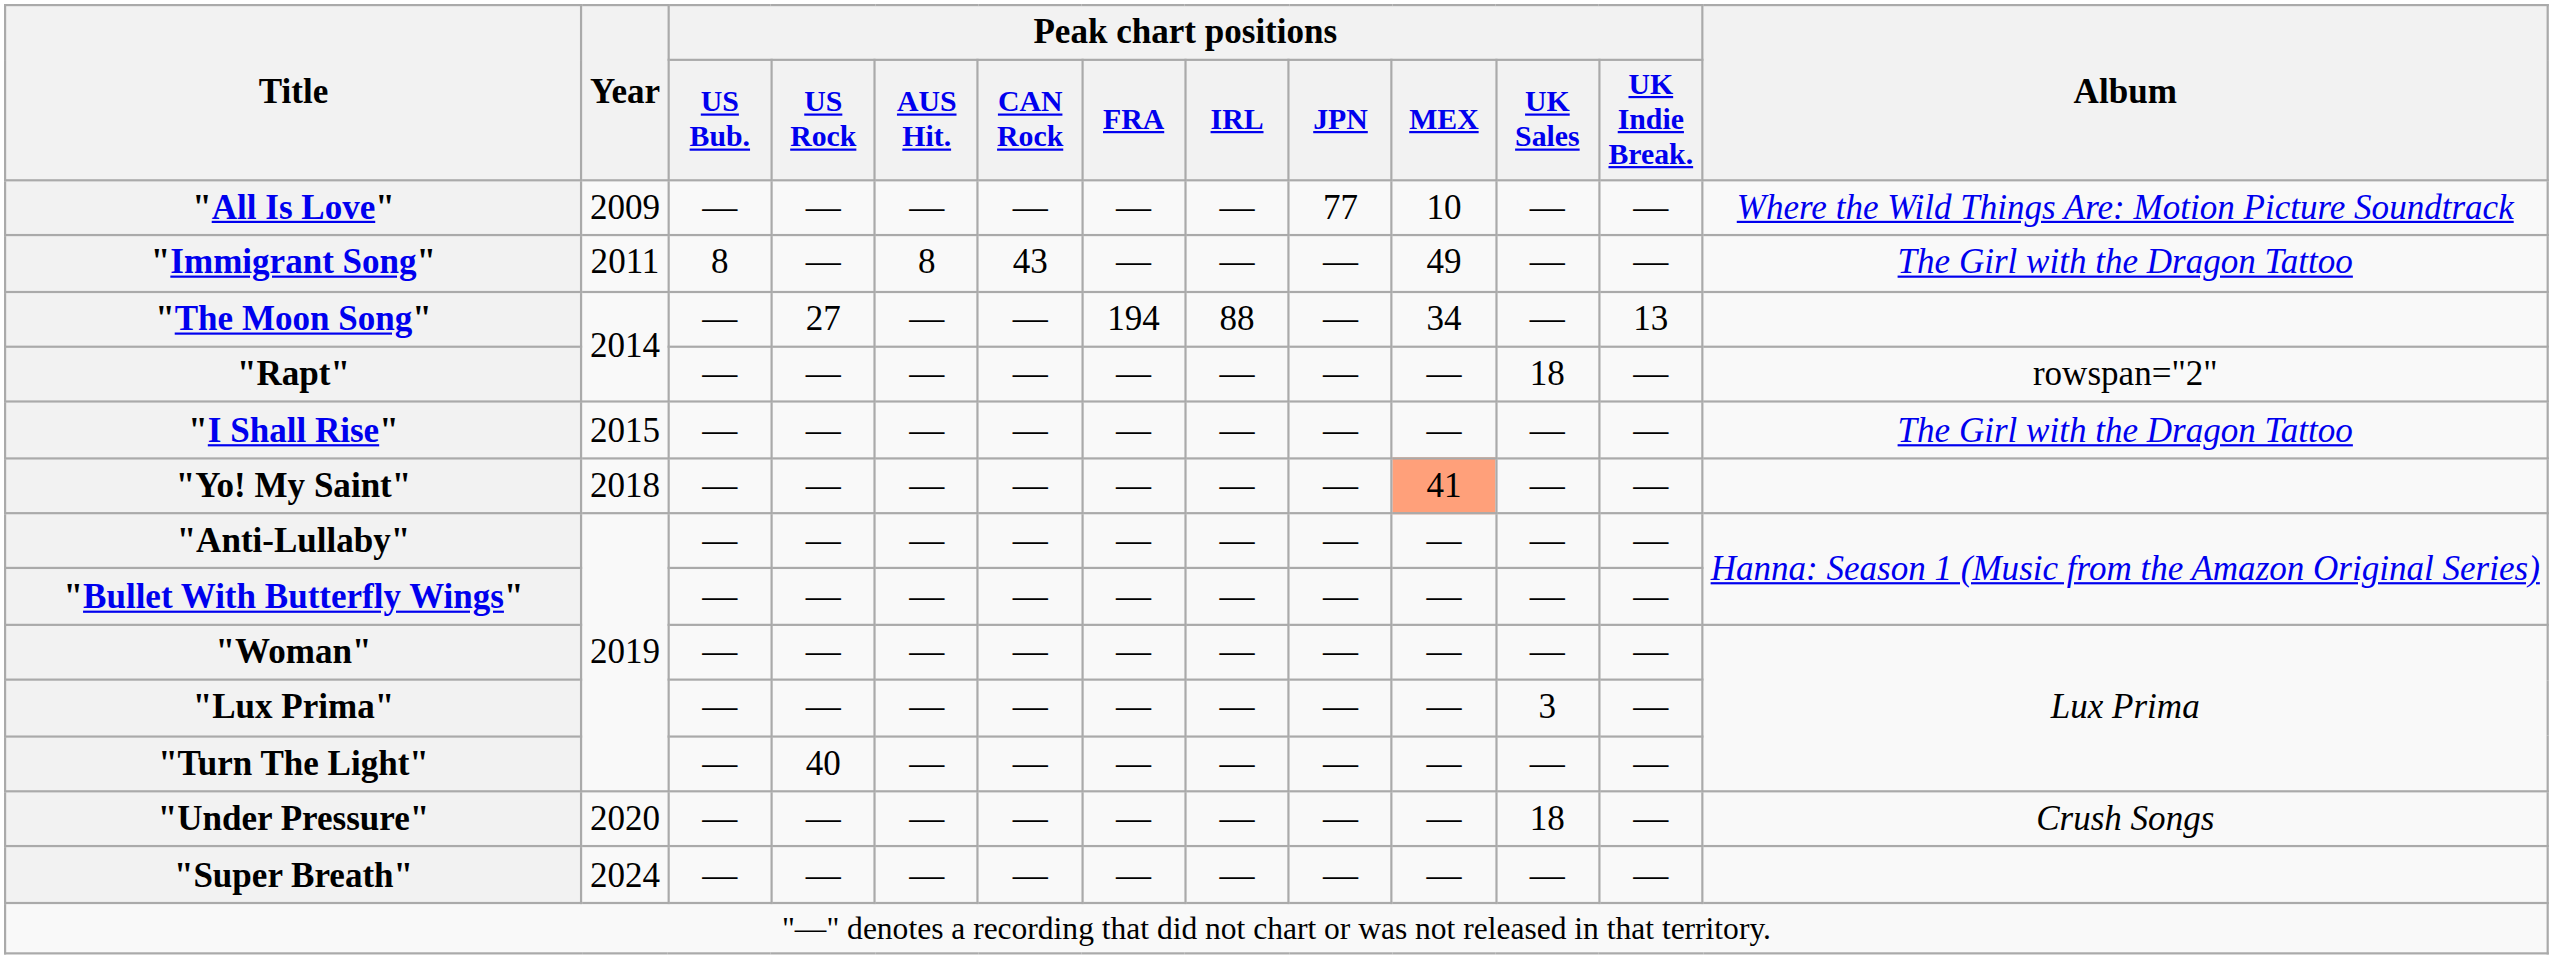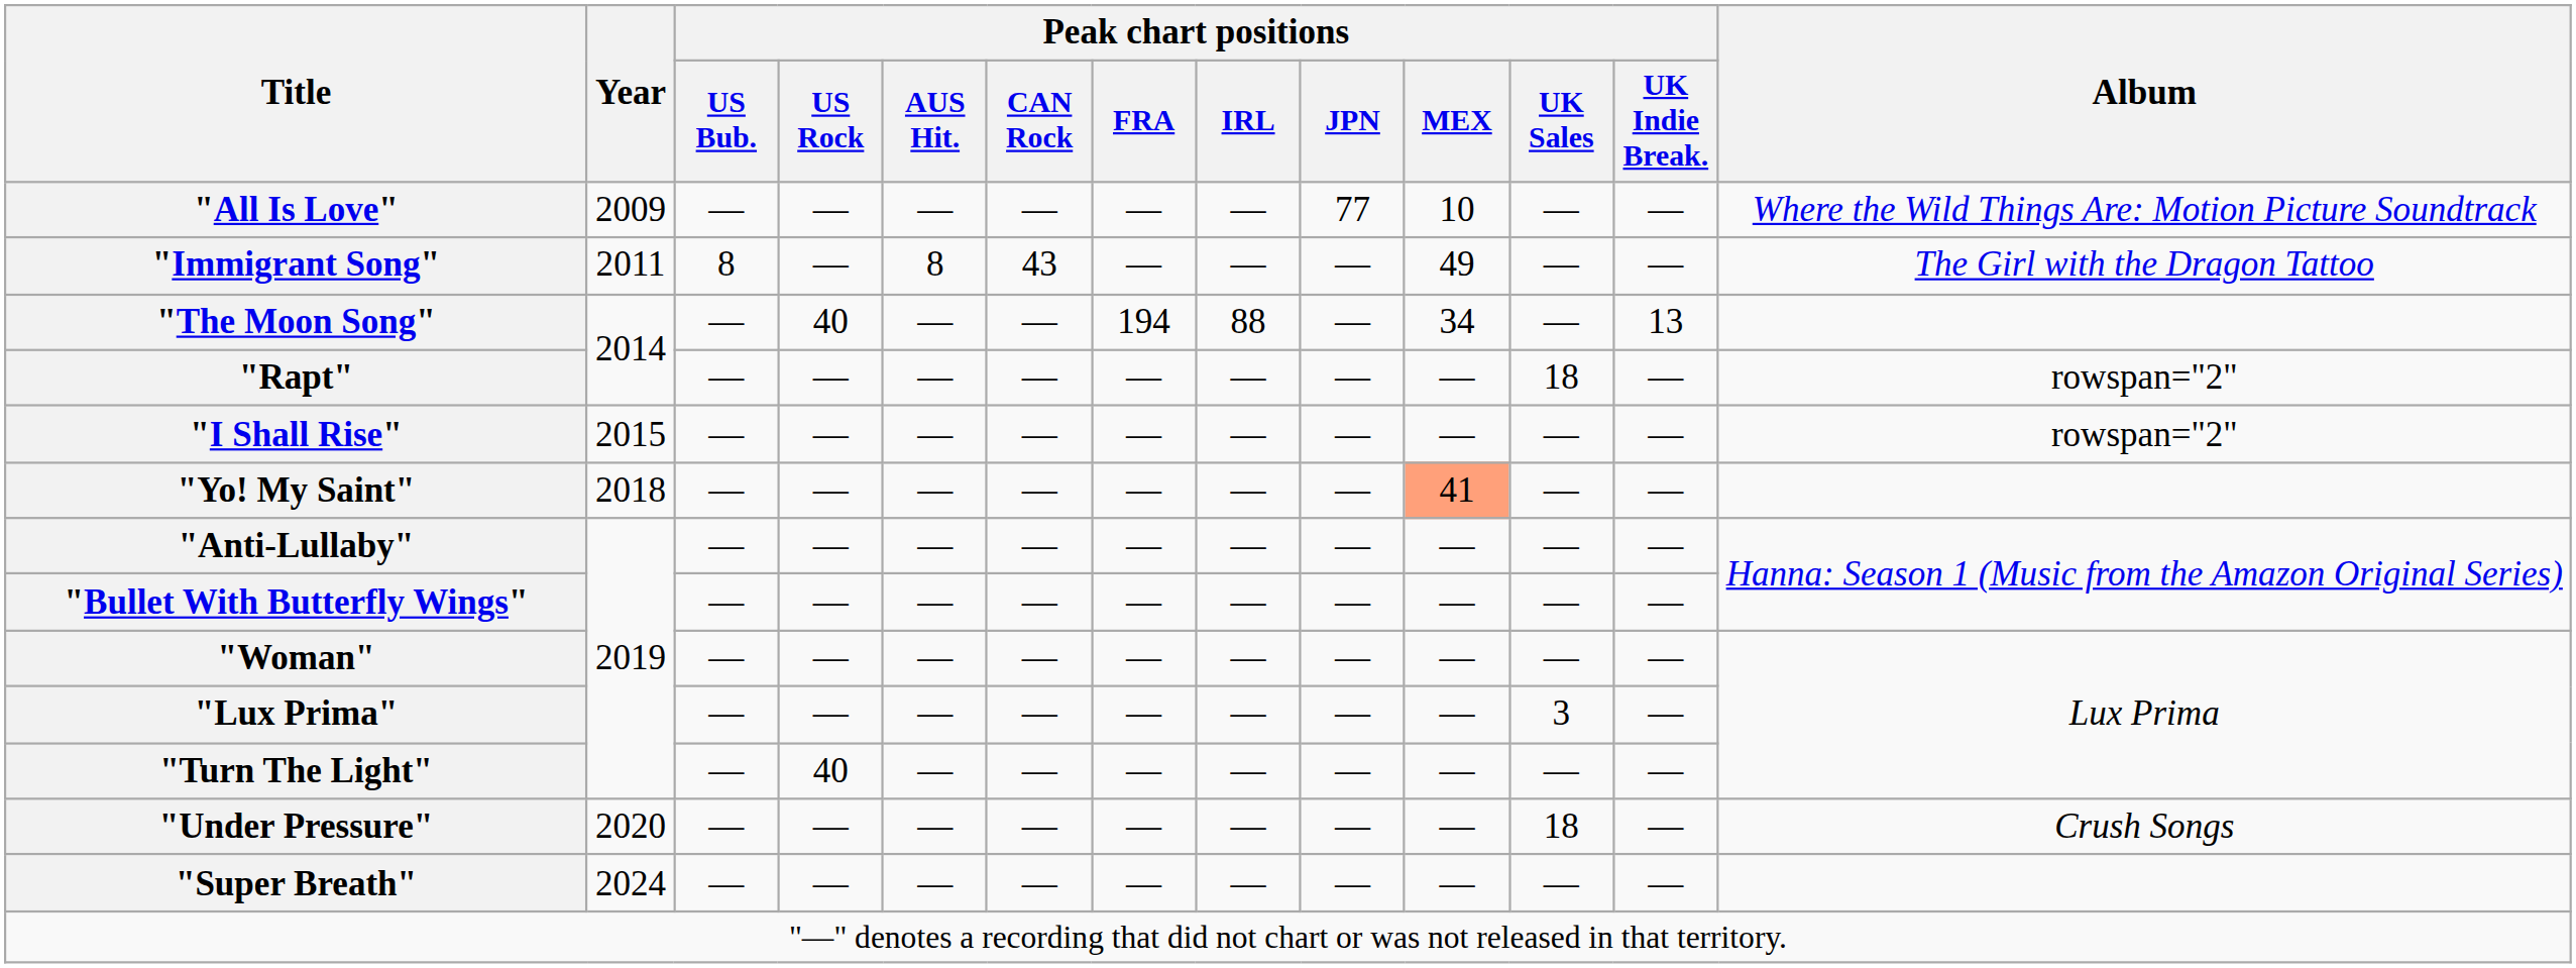 <table class="wikitable plainrowheaders" style="text-align:center;">
 <tr>
 <th scope="col" rowspan="2" style="width:16em;">Title</th>
 <th scope="col" rowspan="2" style="width:1em;">Year</th>
 <th scope="col" colspan="10">Peak chart positions</th>
 <th scope="col" rowspan="2">Album</th>
 </tr>
 <tr>
 <th scope="col" style="width:3em;font-size:85%;"><a href='#'>US<br>Bub.</a><br></th>
 <th scope="col" style="width:3em;font-size:85%;"><a href='#'>US<br>Rock</a><br></th>
 <th scope="col" style="width:3em;font-size:85%;"><a href='#'>AUS<br>Hit.</a><br></th>
 <th scope="col" style="width:3em;font-size:85%;"><a href='#'>CAN<br>Rock</a><br></th>
 <th scope="col" style="width:3em;font-size:85%;"><a href='#'>FRA</a><br></th>
 <th scope="col" style="width:3em;font-size:85%;"><a href='#'>IRL</a><br></th>
 <th scope="col" style="width:3em;font-size:85%;"><a href='#'>JPN</a><br></th>
 <th scope="col" style="width:3em;font-size:85%;"><a href='#'>MEX</a><br></th>
 <th scope="col" style="width:3em;font-size:85%;"><a href='#'>UK<br>Sales</a><br></th>
 <th scope="col" style="width:3em;font-size:85%;"><a href='#'>UK<br>Indie<br>Break.</a><br></th>
 </tr>
 <tr>
 <th scope="row">"<a href='#'>All Is Love</a>"<br></th>
 <td>2009</td>
 <td>—</td>
 <td>—</td>
 <td>—</td>
 <td>—</td>
 <td>—</td>
 <td>—</td>
 <td>77</td>
 <td>10</td>
 <td>—</td>
 <td>—</td>
 <td><em><a href='#'>Where the Wild Things Are: Motion Picture Soundtrack</a></em></td>
 </tr>
 <tr>
 <th scope="row">"<a href='#'>Immigrant Song</a>"<br></th>
 <td>2011</td>
 <td>8</td>
 <td>—</td>
 <td>8</td>
 <td>43</td>
 <td>—</td>
 <td>—</td>
 <td>—</td>
 <td>49</td>
 <td>—</td>
 <td>—</td>
 <td><em><a href='#'>The Girl with the Dragon Tattoo</a></em></td>
 </tr>
 <tr>
 <th scope="row">"<a href='#'>The Moon Song</a>"<br></th>
 <td rowspan="2">2014</td>
 <td>—</td>
-<td>27</td>
+<td>40</td>
 <td>—</td>
 <td>—</td>
 <td>194</td>
 <td>88</td>
 <td>—</td>
 <td>34</td>
 <td>—</td>
 <td>13</td>
 <td></td>
 </tr>
 <tr>
 <th scope="row">"Rapt"</th>
 <td>—</td>
 <td>—</td>
 <td>—</td>
 <td>—</td>
 <td>—</td>
 <td>—</td>
 <td>—</td>
 <td>—</td>
 <td>18</td>
 <td>—</td>
 <td>rowspan="2" </td>
 </tr>
 <tr>
 <th scope="row">"<a href='#'>I Shall Rise</a>"</th>
 <td>2015</td>
 <td>—</td>
 <td>—</td>
 <td>—</td>
 <td>—</td>
 <td>—</td>
 <td>—</td>
 <td>—</td>
 <td>—</td>
 <td>—</td>
 <td>—</td>
-<td><em><a href='#'>The Girl with the Dragon Tattoo</a></em></td>
+<td>rowspan="2" </td>
 </tr>
 <tr>
 <th scope="row">"Yo! My Saint"<br></th>
 <td>2018</td>
 <td>—</td>
 <td>—</td>
 <td>—</td>
 <td>—</td>
 <td>—</td>
 <td>—</td>
 <td>—</td>
 <td style="background: lightsalmon;">41</td>
 <td>—</td>
 <td>—</td>
 </tr>
 <tr>
 <th scope="row">"Anti-Lullaby"</th>
 <td rowspan="5">2019</td>
 <td>—</td>
 <td>—</td>
 <td>—</td>
 <td>—</td>
 <td>—</td>
 <td>—</td>
 <td>—</td>
 <td>—</td>
 <td>—</td>
 <td>—</td>
 <td rowspan="2"><em><a href='#'>Hanna: Season 1 (Music from the Amazon Original Series)</a></em></td>
 </tr>
 <tr>
 <th scope="row">"<a href='#'>Bullet With Butterfly Wings</a>"</th>
 <td>—</td>
 <td>—</td>
 <td>—</td>
 <td>—</td>
 <td>—</td>
 <td>—</td>
 <td>—</td>
 <td>—</td>
 <td>—</td>
 <td>—</td>
 </tr>
 <tr>
 <th scope="row">"Woman"<br></th>
 <td>—</td>
 <td>—</td>
 <td>—</td>
 <td>—</td>
 <td>—</td>
 <td>—</td>
 <td>—</td>
 <td>—</td>
 <td>—</td>
 <td>—</td>
 <td rowspan="3"><em>Lux Prima</em></td>
 </tr>
 <tr>
 <th scope="row">"Lux Prima"<br></th>
 <td>—</td>
 <td>—</td>
 <td>—</td>
 <td>—</td>
 <td>—</td>
 <td>—</td>
 <td>—</td>
 <td>—</td>
 <td>3</td>
 <td>—</td>
 </tr>
 <tr>
 <th scope="row">"Turn The Light"<br></th>
 <td>—</td>
 <td>40</td>
 <td>—</td>
 <td>—</td>
 <td>—</td>
 <td>—</td>
 <td>—</td>
 <td>—</td>
 <td>—</td>
 <td>—</td>
 </tr>
 <tr>
 <th scope="row">"Under Pressure"<br></th>
 <td>2020</td>
 <td>—</td>
 <td>—</td>
 <td>—</td>
 <td>—</td>
 <td>—</td>
 <td>—</td>
 <td>—</td>
 <td>—</td>
 <td>18</td>
 <td>—</td>
 <td><em>Crush Songs</em></td>
 </tr>
 <tr>
 <th scope="row">"Super Breath"<br></th>
 <td>2024</td>
 <td>—</td>
 <td>—</td>
 <td>—</td>
 <td>—</td>
 <td>—</td>
 <td>—</td>
 <td>—</td>
 <td>—</td>
 <td>—</td>
 <td>—</td>
 </tr>
 <tr>
 <td colspan="13" style="font-size:90%">"—" denotes a recording that did not chart or was not released in that territory.</td>
 </tr>
 </table>
